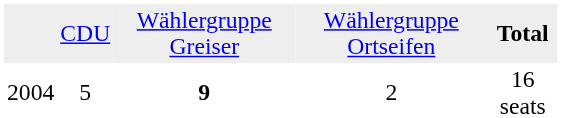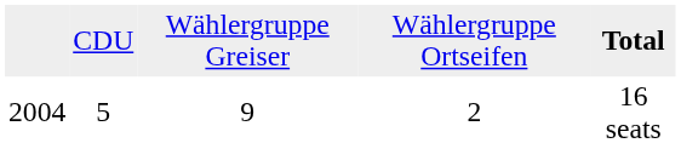 <table border="0" cellpadding="2" cellspacing="0" width="60%">
 <tr bgcolor="#eeeeee" align="center">
 <td></td>
 <td><a href='#'>CDU</a></td>
 <td><a href='#'>Wählergruppe Greiser</a></td>
 <td><a href='#'>Wählergruppe Ortseifen</a></td>
 <td><strong>Total</strong></td>
 </tr>
 <tr align="center">
 <td>2004</td>
 <td>5</td>
-<td><strong>9</strong></td>
+<td>9</td>
 <td>2</td>
 <td>16 seats</td>
 </tr>
 </table>
